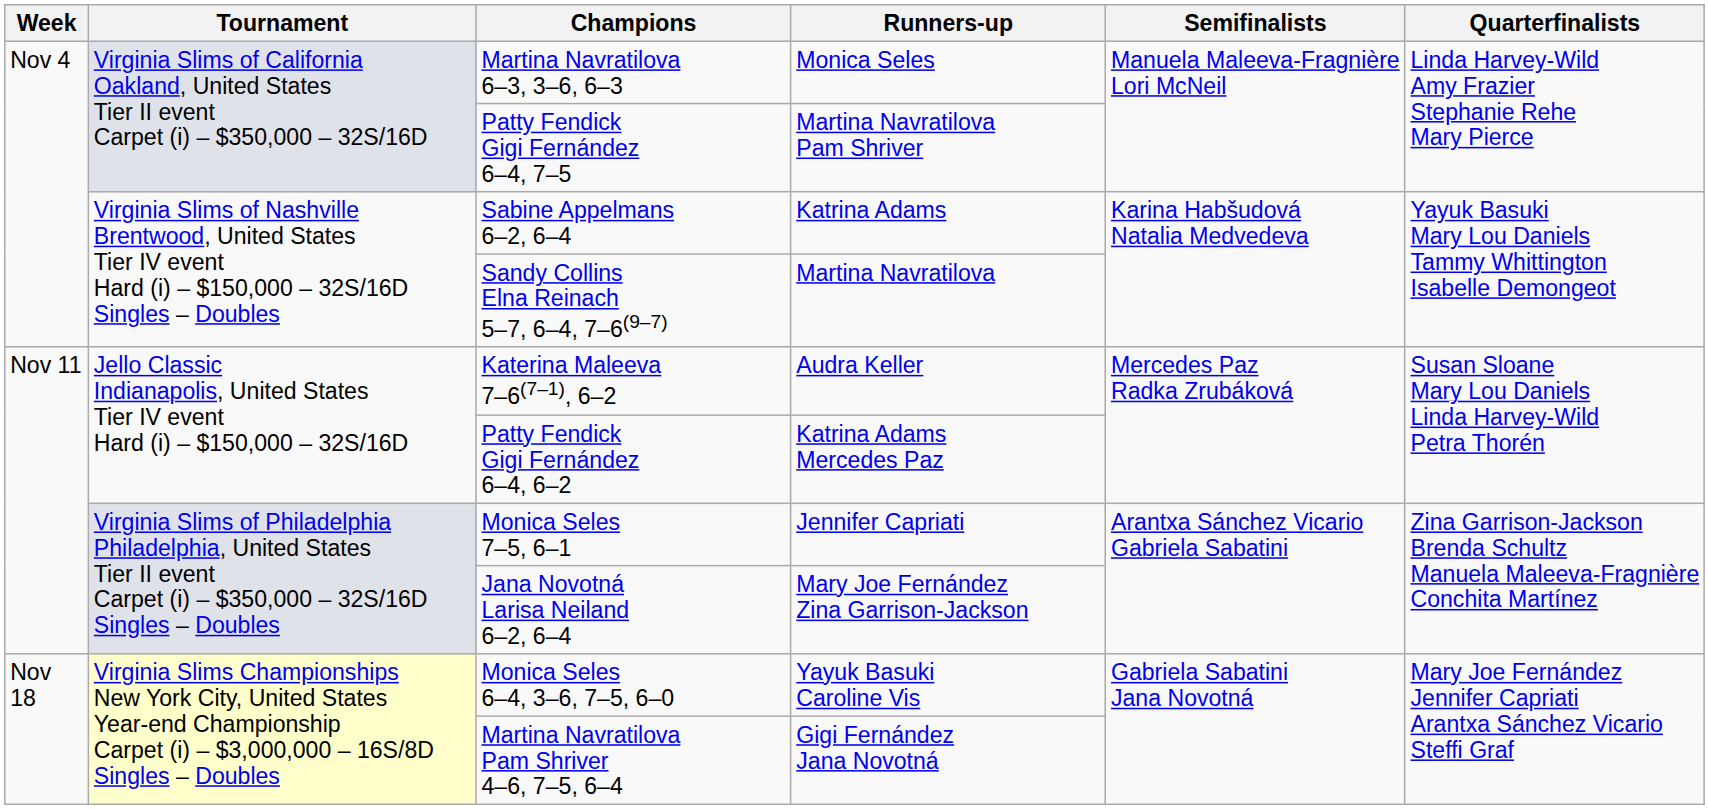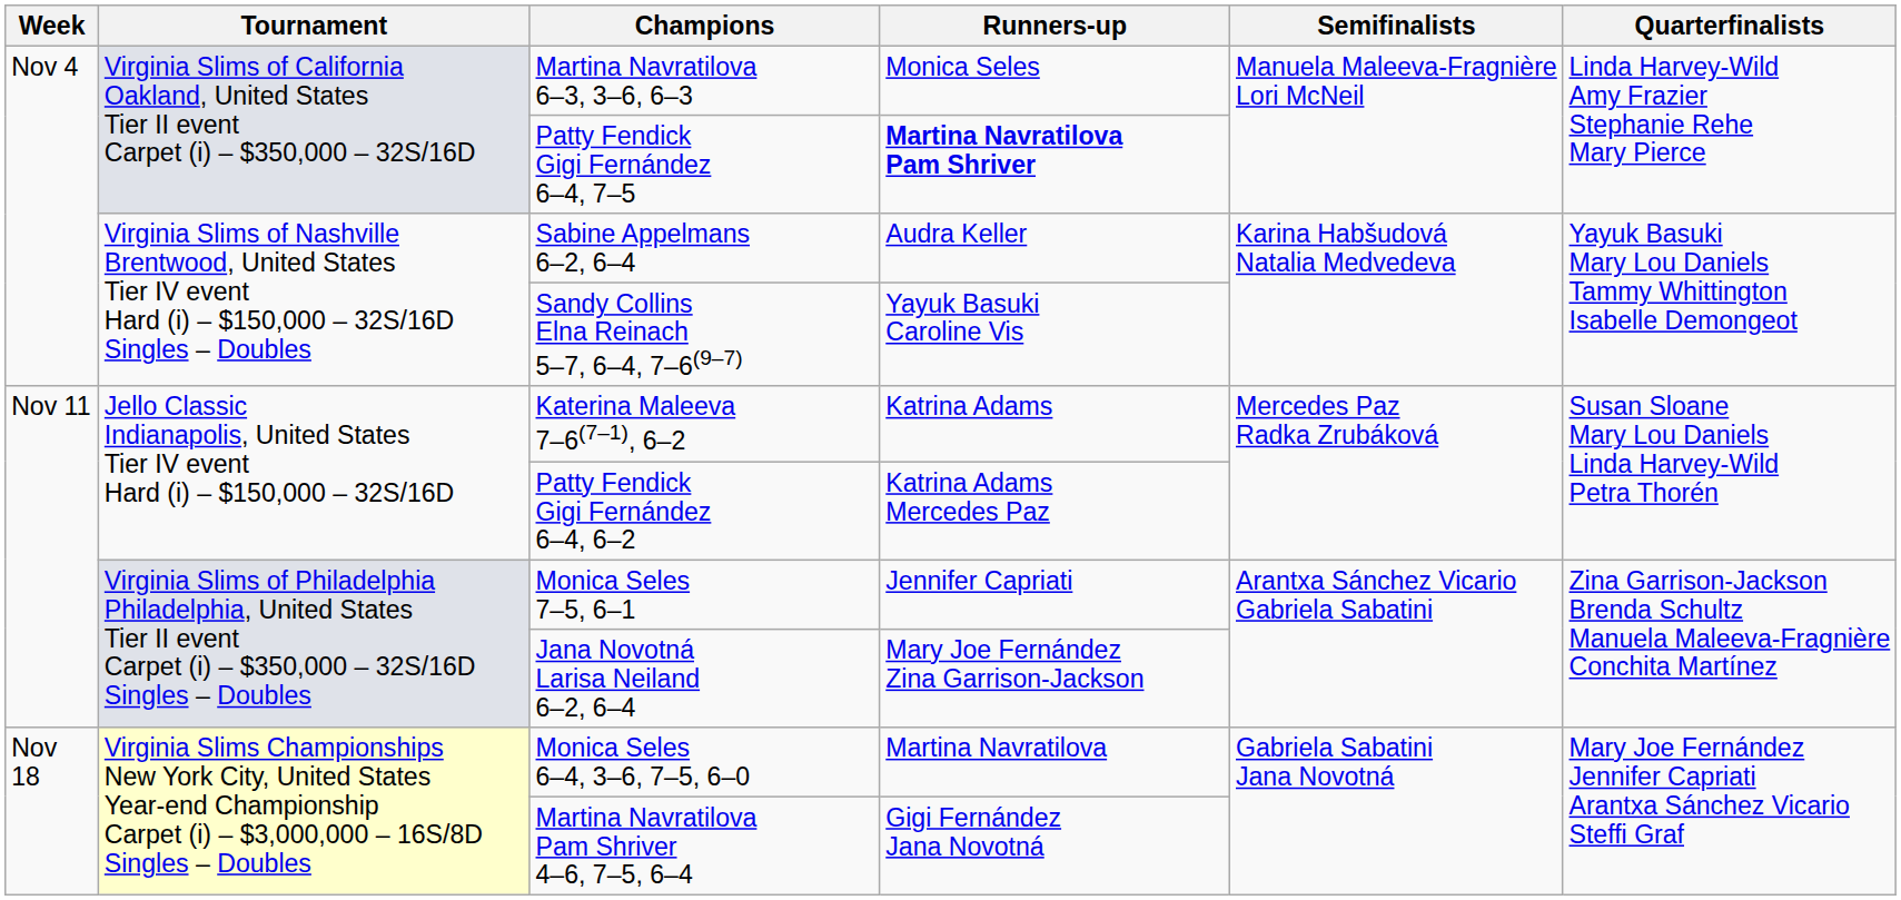 <table class=wikitable style=font-size:95%>
 <tr>
 <th style="width:48px;">Week</th>
 <th style="width:248px;">Tournament</th>
 <th style="width:200px;">Champions</th>
 <th style="width:200px;">Runners-up</th>
 <th style="width:190px;">Semifinalists</th>
 <th style="width:190px;">Quarterfinalists</th>
 </tr>
 <tr valign=top>
 <td rowspan=4>Nov 4</td>
 <td rowspan="2" bgcolor=#dfe2e9><a href='#'>Virginia Slims of California</a><br> <a href='#'>Oakland</a>, United States<br>Tier II event <br> Carpet (i) – $350,000 – 32S/16D</td>
 <td> <a href='#'>Martina Navratilova</a><br>6–3, 3–6, 6–3</td>
 <td> <a href='#'>Monica Seles</a></td>
 <td rowspan=2> <a href='#'>Manuela Maleeva-Fragnière</a> <br>  <a href='#'>Lori McNeil</a></td>
 <td rowspan=2> <a href='#'>Linda Harvey-Wild</a> <br>  <a href='#'>Amy Frazier</a> <br>  <a href='#'>Stephanie Rehe</a> <br>  <a href='#'>Mary Pierce</a></td>
 </tr>
 <tr valign=top>
 <td> <a href='#'>Patty Fendick</a><br> <a href='#'>Gigi Fernández</a><br>6–4, 7–5</td>
-<td> <a href='#'>Martina Navratilova</a><br> <a href='#'>Pam Shriver</a></td>
+<td><strong> <a href='#'>Martina Navratilova</a><br> <a href='#'>Pam Shriver</a></strong></td>
 </tr>
 <tr valign=top>
 <td rowspan="2"><a href='#'>Virginia Slims of Nashville</a><br> <a href='#'>Brentwood</a>, United States<br>Tier IV event <br> Hard (i) – $150,000 – 32S/16D<br><a href='#'>Singles</a> – <a href='#'>Doubles</a></td>
 <td> <a href='#'>Sabine Appelmans</a><br>6–2, 6–4</td>
-<td> <a href='#'>Katrina Adams</a></td>
+<td> <a href='#'>Audra Keller</a></td>
 <td rowspan=2> <a href='#'>Karina Habšudová</a> <br>  <a href='#'>Natalia Medvedeva</a></td>
 <td rowspan=2> <a href='#'>Yayuk Basuki</a> <br>  <a href='#'>Mary Lou Daniels</a> <br>  <a href='#'>Tammy Whittington</a> <br>  <a href='#'>Isabelle Demongeot</a></td>
 </tr>
 <tr valign=top>
 <td> <a href='#'>Sandy Collins</a><br> <a href='#'>Elna Reinach</a><br>5–7, 6–4, 7–6<sup>(9–7)</sup></td>
-<td> <a href='#'>Martina Navratilova</a></td>
+<td> <a href='#'>Yayuk Basuki</a><br> <a href='#'>Caroline Vis</a></td>
 </tr>
 <tr valign=top>
 <td rowspan=4>Nov 11</td>
 <td rowspan="2"><a href='#'>Jello Classic</a><br> <a href='#'>Indianapolis</a>, United States<br>Tier IV event <br> Hard (i) – $150,000 – 32S/16D</td>
 <td> <a href='#'>Katerina Maleeva</a><br>7–6<sup>(7–1)</sup>, 6–2</td>
-<td> <a href='#'>Audra Keller</a></td>
+<td> <a href='#'>Katrina Adams</a></td>
 <td rowspan=2> <a href='#'>Mercedes Paz</a> <br>  <a href='#'>Radka Zrubáková</a></td>
 <td rowspan=2> <a href='#'>Susan Sloane</a> <br>  <a href='#'>Mary Lou Daniels</a> <br>  <a href='#'>Linda Harvey-Wild</a> <br>  <a href='#'>Petra Thorén</a></td>
 </tr>
 <tr valign=top>
 <td> <a href='#'>Patty Fendick</a><br> <a href='#'>Gigi Fernández</a><br>6–4, 6–2</td>
 <td> <a href='#'>Katrina Adams</a><br> <a href='#'>Mercedes Paz</a></td>
 </tr>
 <tr valign=top>
 <td rowspan="2" bgcolor=#dfe2e9><a href='#'>Virginia Slims of Philadelphia</a><br> <a href='#'>Philadelphia</a>, United States<br>Tier II event <br> Carpet (i) – $350,000 – 32S/16D<br><a href='#'>Singles</a> – <a href='#'>Doubles</a></td>
 <td> <a href='#'>Monica Seles</a><br>7–5, 6–1</td>
 <td> <a href='#'>Jennifer Capriati</a></td>
 <td rowspan=2> <a href='#'>Arantxa Sánchez Vicario</a> <br>  <a href='#'>Gabriela Sabatini</a></td>
 <td rowspan=2> <a href='#'>Zina Garrison-Jackson</a> <br>  <a href='#'>Brenda Schultz</a> <br>  <a href='#'>Manuela Maleeva-Fragnière</a> <br>  <a href='#'>Conchita Martínez</a></td>
 </tr>
 <tr valign=top>
 <td> <a href='#'>Jana Novotná</a><br> <a href='#'>Larisa Neiland</a><br>6–2, 6–4</td>
 <td> <a href='#'>Mary Joe Fernández</a><br> <a href='#'>Zina Garrison-Jackson</a></td>
 </tr>
 <tr valign=top>
 <td rowspan=2>Nov 18</td>
 <td rowspan=2 style="background:#ffc;"><a href='#'>Virginia Slims Championships</a><br> New York City, United States<br>Year-end Championship<br>Carpet (i) – $3,000,000 – 16S/8D<br><a href='#'>Singles</a> – <a href='#'>Doubles</a></td>
 <td> <a href='#'>Monica Seles</a><br>6–4, 3–6, 7–5, 6–0</td>
-<td> <a href='#'>Yayuk Basuki</a><br> <a href='#'>Caroline Vis</a></td>
+<td> <a href='#'>Martina Navratilova</a></td>
 <td rowspan=2> <a href='#'>Gabriela Sabatini</a> <br>  <a href='#'>Jana Novotná</a></td>
 <td rowspan=2> <a href='#'>Mary Joe Fernández</a> <br>  <a href='#'>Jennifer Capriati</a> <br>  <a href='#'>Arantxa Sánchez Vicario</a> <br>  <a href='#'>Steffi Graf</a></td>
 </tr>
 <tr valign=top>
 <td> <a href='#'>Martina Navratilova</a><br> <a href='#'>Pam Shriver</a><br>4–6, 7–5, 6–4</td>
 <td> <a href='#'>Gigi Fernández</a><br> <a href='#'>Jana Novotná</a></td>
 </tr>
 </table>
